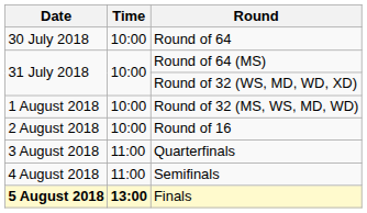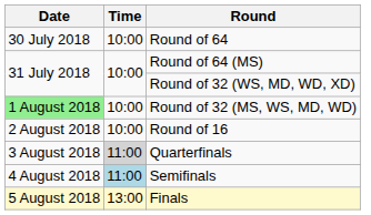 <table class="wikitable">
 <tr>
 <th>Date</th>
 <th>Time</th>
 <th>Round</th>
 </tr>
 <tr>
 <td>30 July 2018</td>
 <td>10:00</td>
 <td>Round of 64</td>
 </tr>
 <tr>
 <td rowspan=2>31 July 2018</td>
 <td rowspan=2>10:00</td>
 <td>Round of 64 (MS)</td>
 </tr>
 <tr>
 <td>Round of 32 (WS, MD, WD, XD)</td>
 </tr>
 <tr>
-<td>1 August 2018</td>
+<td style="background: lightgreen;">1 August 2018</td>
 <td>10:00</td>
 <td>Round of 32 (MS, WS, MD, WD)</td>
 </tr>
 <tr>
 <td>2 August 2018</td>
 <td>10:00</td>
 <td>Round of 16</td>
 </tr>
 <tr>
 <td>3 August 2018</td>
-<td>11:00</td>
+<td style="background: lightgrey;">11:00</td>
 <td>Quarterfinals</td>
 </tr>
 <tr>
 <td>4 August 2018</td>
-<td>11:00</td>
+<td style="background: lightblue;">11:00</td>
 <td>Semifinals</td>
 </tr>
 <tr bgcolor=lemonchiffon>
-<td><strong>5 August 2018</strong></td>
-<td><strong>13:00</strong></td>
+<td>5 August 2018</td>
+<td>13:00</td>
 <td>Finals</td>
 </tr>
 </table>
